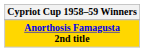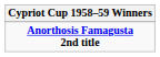 <table class="wikitable" style="text-align:center;margin: 0 auto;">
 <tr>
 <th>Cypriot Cup 1958–59 Winners</th>
 </tr>
 <tr>
 </tr>
 <tr>
-<td style="background: gold;"><strong><a href='#'>Anorthosis Famagusta</a></strong><br><strong>2nd title</strong></td>
+<td><strong><a href='#'>Anorthosis Famagusta</a></strong><br><strong>2nd title</strong></td>
 </tr>
 </table>
